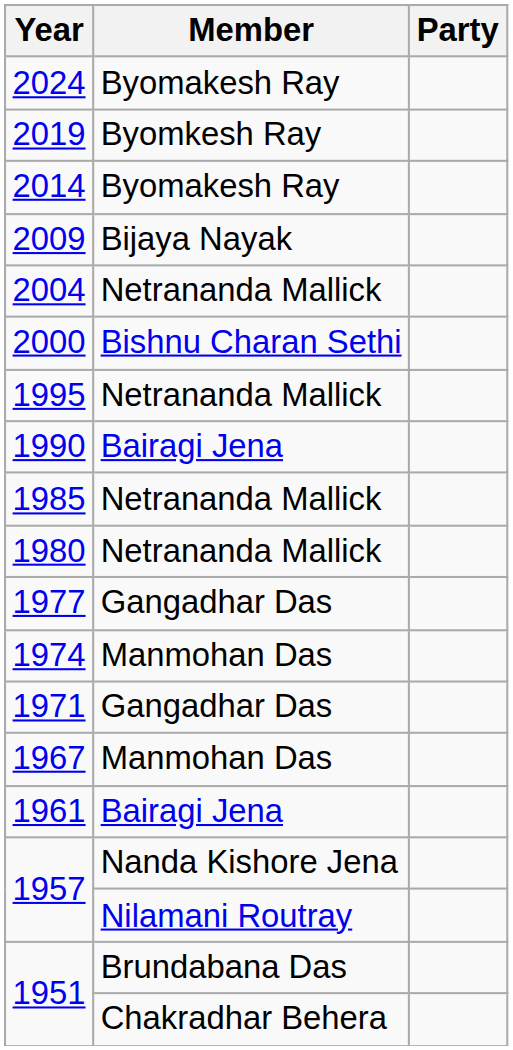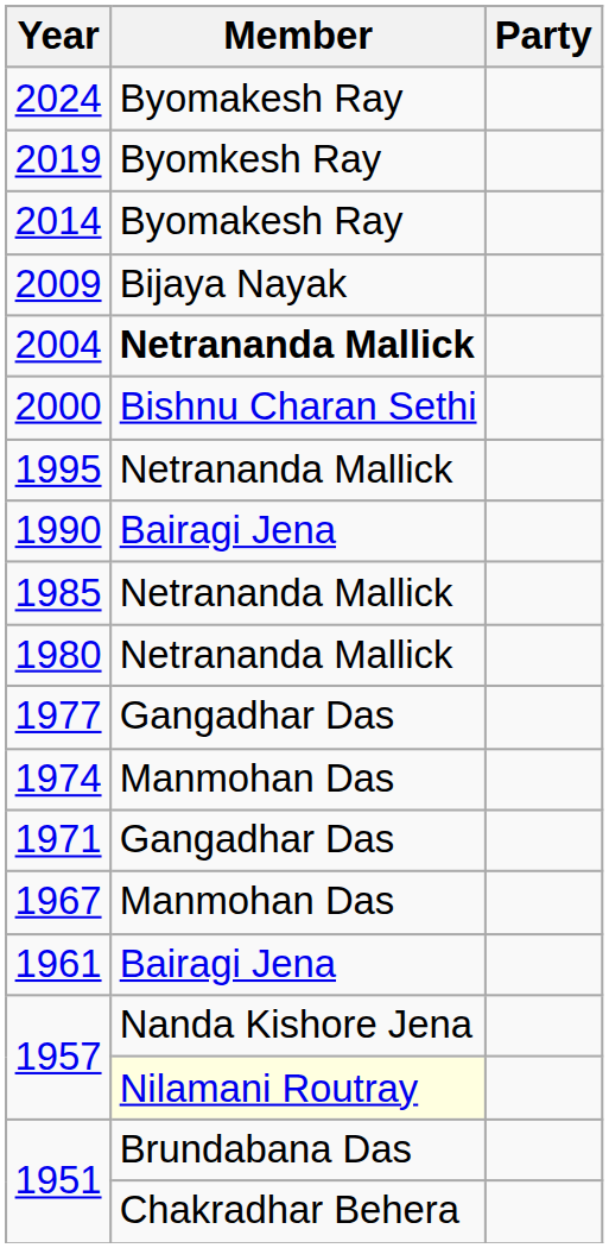 <table class="wikitable sortable">
 <tr>
 <th>Year</th>
 <th>Member</th>
 <th colspan=2>Party</th>
 </tr>
 <tr>
 <td><a href='#'>2024</a></td>
 <td>Byomakesh Ray</td>
 <td></td>
 </tr>
 <tr>
 <td><a href='#'>2019</a></td>
 <td>Byomkesh Ray</td>
 <td></td>
 </tr>
 <tr>
 <td><a href='#'>2014</a></td>
 <td>Byomakesh Ray</td>
 <td></td>
 </tr>
 <tr>
 <td><a href='#'>2009</a></td>
 <td>Bijaya Nayak</td>
 <td></td>
 </tr>
 <tr>
 <td><a href='#'>2004</a></td>
-<td>Netrananda Mallick</td>
+<td><strong>Netrananda Mallick</strong></td>
 <td></td>
 </tr>
 <tr>
 <td><a href='#'>2000</a></td>
 <td><a href='#'>Bishnu Charan Sethi</a></td>
 <td></td>
 </tr>
 <tr>
 <td><a href='#'>1995</a></td>
 <td>Netrananda Mallick</td>
 <td></td>
 </tr>
 <tr>
 <td><a href='#'>1990</a></td>
 <td><a href='#'>Bairagi Jena</a></td>
 <td></td>
 </tr>
 <tr>
 <td><a href='#'>1985</a></td>
 <td>Netrananda Mallick</td>
 <td></td>
 </tr>
 <tr>
 <td><a href='#'>1980</a></td>
 <td>Netrananda Mallick</td>
 <td></td>
 </tr>
 <tr>
 <td><a href='#'>1977</a></td>
 <td>Gangadhar Das</td>
 <td></td>
 </tr>
 <tr>
 <td><a href='#'>1974</a></td>
 <td>Manmohan Das</td>
 <td></td>
 </tr>
 <tr>
 <td><a href='#'>1971</a></td>
 <td>Gangadhar Das</td>
 <td></td>
 </tr>
 <tr>
 <td><a href='#'>1967</a></td>
 <td>Manmohan Das</td>
 <td></td>
 </tr>
 <tr>
 <td><a href='#'>1961</a></td>
 <td><a href='#'>Bairagi Jena</a></td>
 <td></td>
 </tr>
 <tr>
 <td rowspan="2"><a href='#'>1957</a></td>
 <td>Nanda Kishore Jena</td>
 <td></td>
 </tr>
 <tr>
-<td><a href='#'>Nilamani Routray</a></td>
+<td style="background: lightyellow;"><a href='#'>Nilamani Routray</a></td>
 <td></td>
 </tr>
 <tr>
 <td rowspan="2"><a href='#'>1951</a></td>
 <td>Brundabana Das</td>
 <td></td>
 </tr>
 <tr>
 <td>Chakradhar Behera</td>
 <td></td>
 </tr>
 <tr>
 </tr>
 </table>
